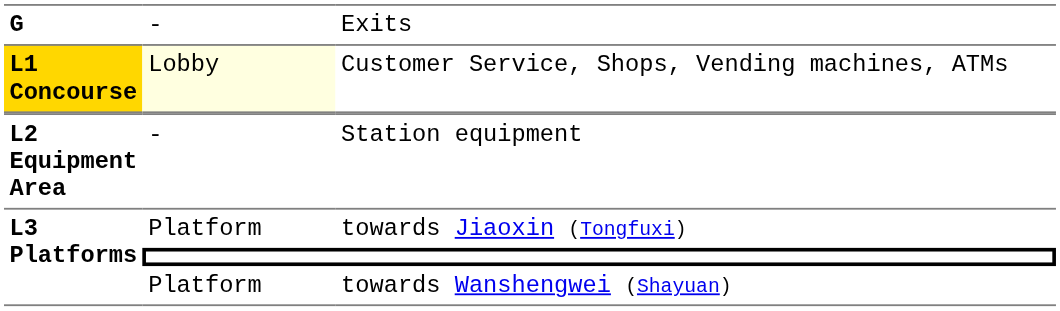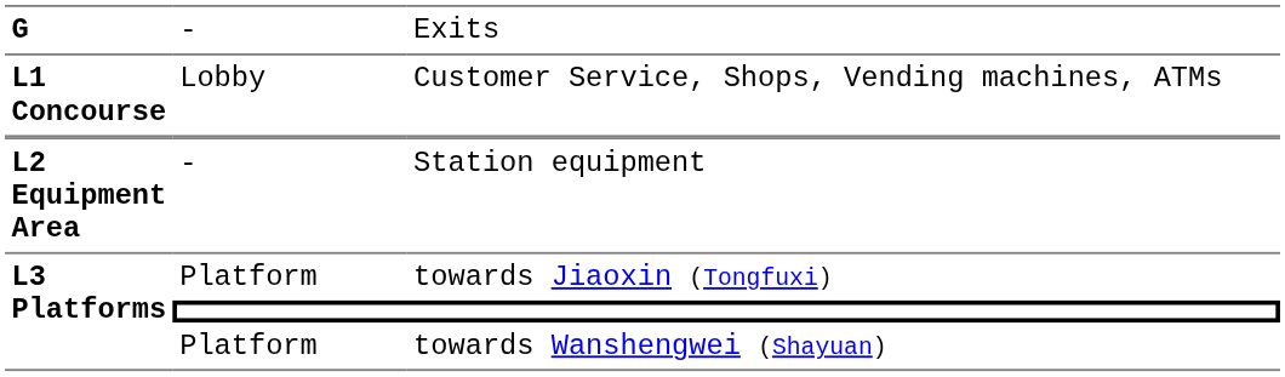 <table table border="0" cellspacing="0" cellpadding="3">
 <tr>
 <td style="border-top:solid 1px gray;" width=50 valign=top><strong>G</strong></td>
 <td style="border-top:solid 1px gray;" width=100 valign=top>-</td>
 <td style="border-top:solid 1px gray;" width=390 valign=top>Exits</td>
 </tr>
 <tr>
-<td style="background: gold; border-bottom:solid 1px gray; border-top:solid 1px gray;" valign=top width=50><strong>L1<br>Concourse</strong></td>
-<td style="background: lightyellow; border-bottom:solid 1px gray; border-top:solid 1px gray;" valign=top width=100>Lobby</td>
+<td style="border-bottom:solid 1px gray; border-top:solid 1px gray;" valign=top width=50><strong>L1<br>Concourse</strong></td>
+<td style="border-bottom:solid 1px gray; border-top:solid 1px gray;" valign=top width=100>Lobby</td>
 <td style="border-bottom:solid 1px gray; border-top:solid 1px gray;" valign=top width=390>Customer Service, Shops, Vending machines, ATMs</td>
 </tr>
 <tr>
 <td style="border-bottom:solid 1px gray; border-top:solid 1px gray;" valign=top width=50><strong>L2<br>Equipment Area</strong></td>
 <td style="border-bottom:solid 1px gray; border-top:solid 1px gray;" valign=top width=100>-</td>
 <td style="border-bottom:solid 1px gray; border-top:solid 1px gray;" valign=top width=390>Station equipment</td>
 </tr>
 <tr>
 <td style="border-bottom:solid 1px gray;" rowspan=3 valign=top><strong>L3<br>Platforms</strong></td>
 <td>Platform </td>
 <td>  towards <a href='#'>Jiaoxin</a> <small>(<a href='#'>Tongfuxi</a>)</small></td>
 </tr>
 <tr>
 <td style="border-right:solid 2px black;border-left:solid 2px black;border-top:solid 2px black;border-bottom:solid 2px black;text-align:center;" colspan=2></td>
 </tr>
 <tr>
 <td style="border-bottom:solid 1px gray;">Platform </td>
 <td style="border-bottom:solid 1px gray;"> towards <a href='#'>Wanshengwei</a> <small>(<a href='#'>Shayuan</a>)</small> </td>
 </tr>
 </table>
